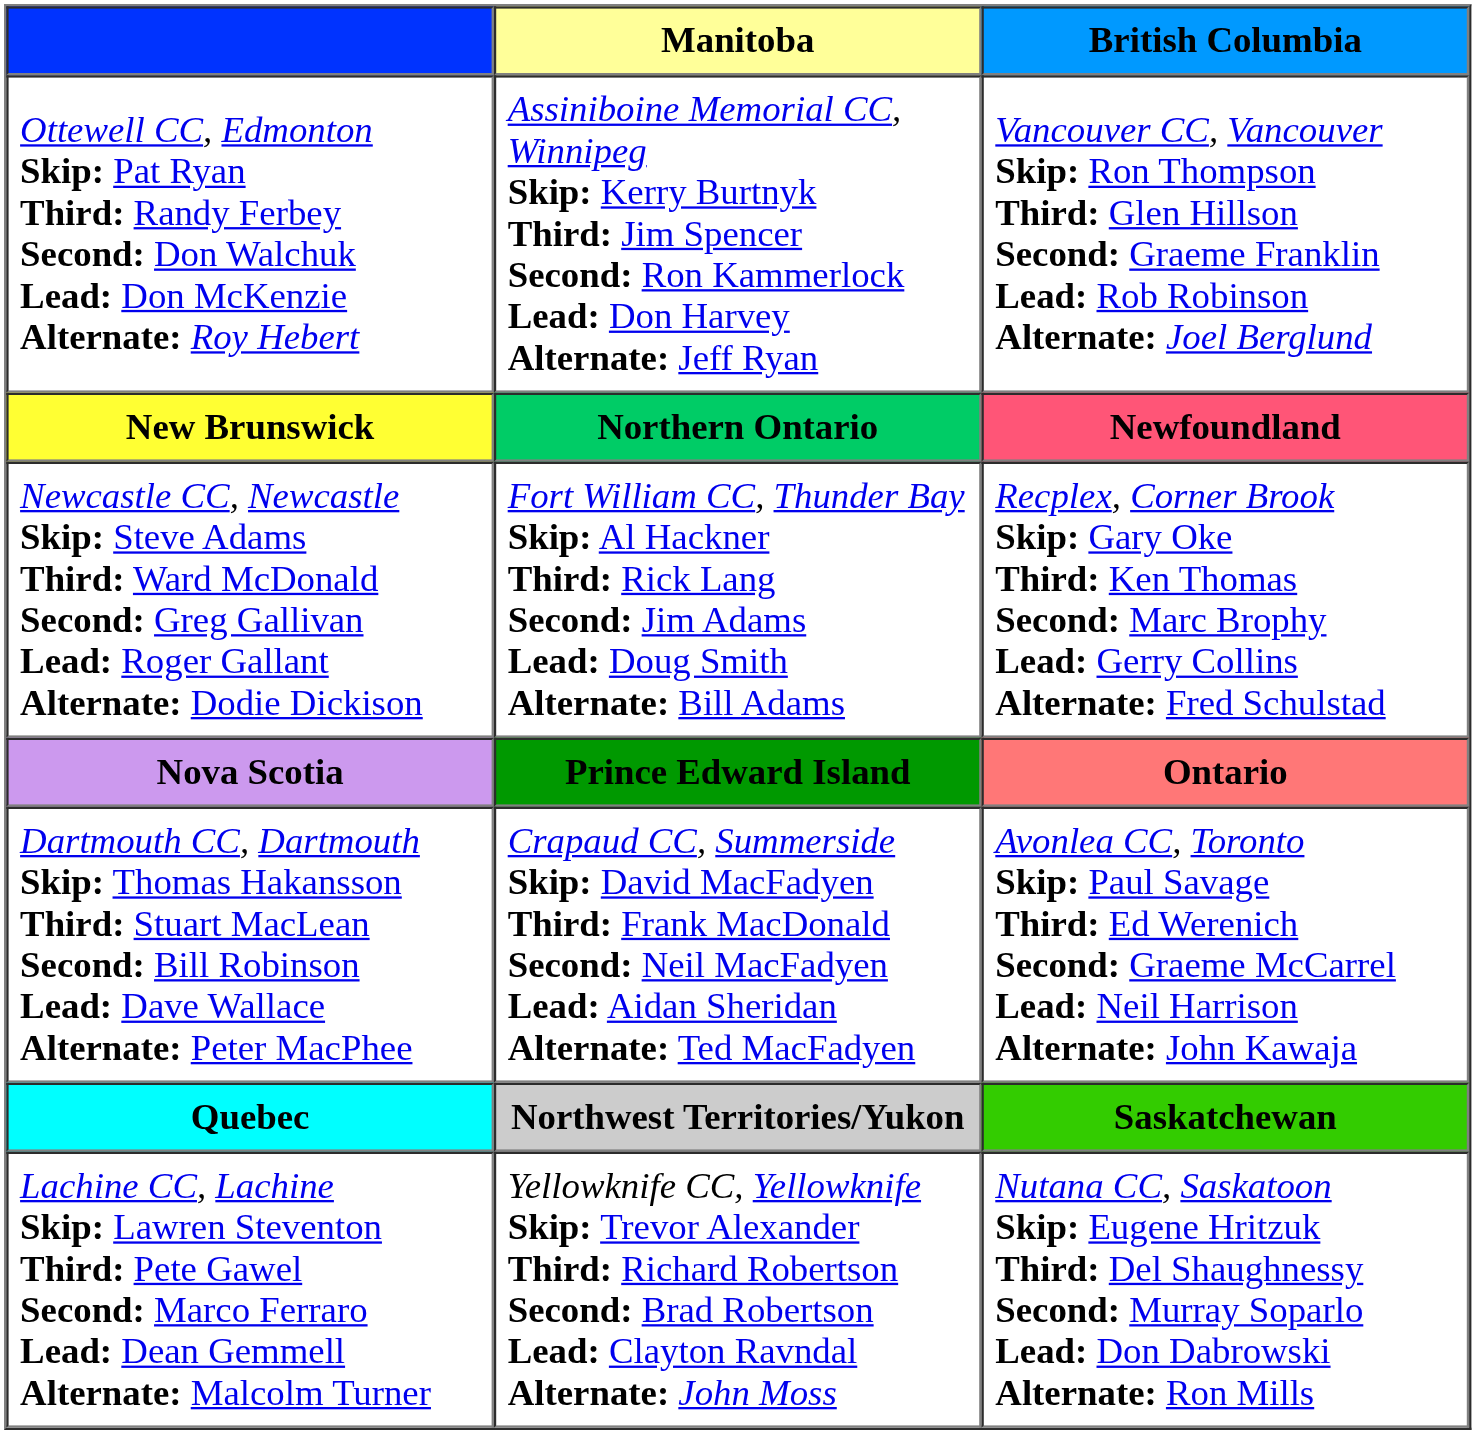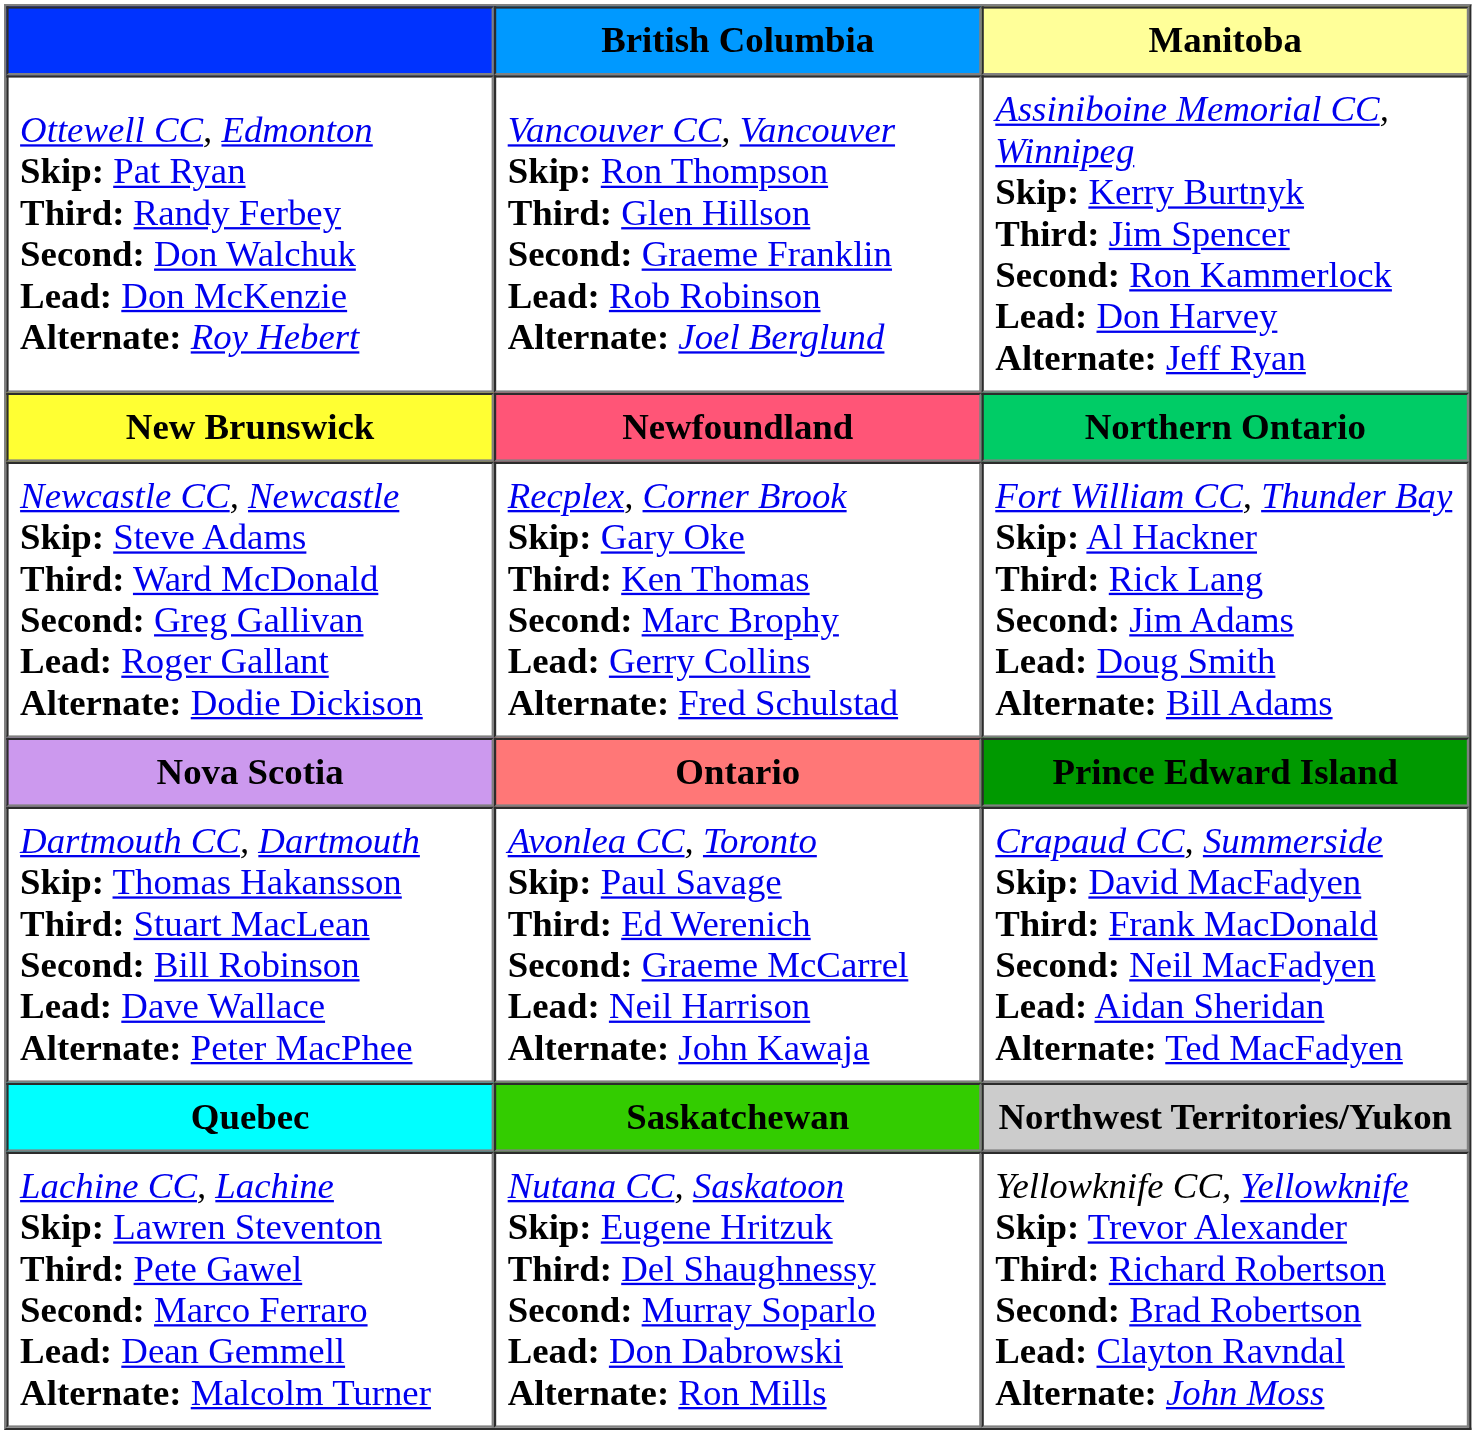 <table border=1 cellpadding=5 cellspacing=0>
 <tr>
 <th style="background:#03f; width:200px;"></th>
+<th style="background:#09f; width:200px;">British Columbia</th>
 <th style="background:#ff9; width:200px;">Manitoba</th>
-<th style="background:#09f; width:200px;">British Columbia</th>
 </tr>
 <tr>
 <td><em><a href='#'>Ottewell CC</a>, <a href='#'>Edmonton</a></em><br><strong>Skip:</strong> <a href='#'>Pat Ryan</a><br> <strong>Third:</strong> <a href='#'>Randy Ferbey</a><br> <strong>Second:</strong> <a href='#'>Don Walchuk</a><br> <strong>Lead:</strong> <a href='#'>Don McKenzie</a><br> <strong>Alternate:</strong> <em><a href='#'>Roy Hebert</a></em></td>
+<td><em><a href='#'>Vancouver CC</a>, <a href='#'>Vancouver</a></em><br><strong>Skip:</strong> <a href='#'>Ron Thompson</a><br> <strong>Third:</strong> <a href='#'>Glen Hillson</a><br> <strong>Second:</strong> <a href='#'>Graeme Franklin</a><br> <strong>Lead:</strong> <a href='#'>Rob Robinson</a><br> <strong>Alternate:</strong> <em><a href='#'>Joel Berglund</a></em></td>
 <td><em><a href='#'>Assiniboine Memorial CC</a>, <a href='#'>Winnipeg</a></em><br><strong>Skip:</strong> <a href='#'>Kerry Burtnyk</a><br> <strong>Third:</strong> <a href='#'>Jim Spencer</a><br> <strong>Second:</strong> <a href='#'>Ron Kammerlock</a><br> <strong>Lead:</strong> <a href='#'>Don Harvey</a><br> <strong>Alternate:</strong> <a href='#'>Jeff Ryan</a></td>
-<td><em><a href='#'>Vancouver CC</a>, <a href='#'>Vancouver</a></em><br><strong>Skip:</strong> <a href='#'>Ron Thompson</a><br> <strong>Third:</strong> <a href='#'>Glen Hillson</a><br> <strong>Second:</strong> <a href='#'>Graeme Franklin</a><br> <strong>Lead:</strong> <a href='#'>Rob Robinson</a><br> <strong>Alternate:</strong> <em><a href='#'>Joel Berglund</a></em></td>
 </tr>
 <tr>
 <th style="background:#ff3; width:200px;">New Brunswick</th>
+<th style="background:#f57; width:200px;">Newfoundland</th>
 <th style="background:#0c6; width:200px;">Northern Ontario</th>
-<th style="background:#f57; width:200px;">Newfoundland</th>
 </tr>
 <tr>
 <td><em><a href='#'>Newcastle CC</a>, <a href='#'>Newcastle</a></em><br><strong>Skip:</strong> <a href='#'>Steve Adams</a><br> <strong>Third:</strong> <a href='#'>Ward McDonald</a><br> <strong>Second:</strong> <a href='#'>Greg Gallivan</a><br> <strong>Lead:</strong> <a href='#'>Roger Gallant</a><br> <strong>Alternate:</strong> <a href='#'>Dodie Dickison</a></td>
+<td><em><a href='#'>Recplex</a>, <a href='#'>Corner Brook</a></em><br><strong>Skip:</strong> <a href='#'>Gary Oke</a><br> <strong>Third:</strong> <a href='#'>Ken Thomas</a><br> <strong>Second:</strong> <a href='#'>Marc Brophy</a><br> <strong>Lead:</strong> <a href='#'>Gerry Collins</a><br> <strong>Alternate:</strong> <a href='#'>Fred Schulstad</a></td>
 <td><em><a href='#'>Fort William CC</a>, <a href='#'>Thunder Bay</a></em><br><strong>Skip:</strong> <a href='#'>Al Hackner</a><br> <strong>Third:</strong> <a href='#'>Rick Lang</a><br> <strong>Second:</strong> <a href='#'>Jim Adams</a><br> <strong>Lead:</strong> <a href='#'>Doug Smith</a><br> <strong>Alternate:</strong> <a href='#'>Bill Adams</a></td>
-<td><em><a href='#'>Recplex</a>, <a href='#'>Corner Brook</a></em><br><strong>Skip:</strong> <a href='#'>Gary Oke</a><br> <strong>Third:</strong> <a href='#'>Ken Thomas</a><br> <strong>Second:</strong> <a href='#'>Marc Brophy</a><br> <strong>Lead:</strong> <a href='#'>Gerry Collins</a><br> <strong>Alternate:</strong> <a href='#'>Fred Schulstad</a></td>
 </tr>
 <tr>
 <th style="background:#c9e; width:200px;">Nova Scotia</th>
+<th style="background:#f77; width:200px;">Ontario</th>
 <th style="background:#090; width:200px;">Prince Edward Island</th>
-<th style="background:#f77; width:200px;">Ontario</th>
 </tr>
 <tr>
 <td><em><a href='#'>Dartmouth CC</a>, <a href='#'>Dartmouth</a></em><br><strong>Skip:</strong> <a href='#'>Thomas Hakansson</a><br> <strong>Third:</strong> <a href='#'>Stuart MacLean</a><br> <strong>Second:</strong> <a href='#'>Bill Robinson</a><br> <strong>Lead:</strong> <a href='#'>Dave Wallace</a><br> <strong>Alternate:</strong> <a href='#'>Peter MacPhee</a></td>
+<td><em><a href='#'>Avonlea CC</a>, <a href='#'>Toronto</a></em><br><strong>Skip:</strong> <a href='#'>Paul Savage</a><br> <strong>Third:</strong> <a href='#'>Ed Werenich</a><br> <strong>Second:</strong> <a href='#'>Graeme McCarrel</a><br> <strong>Lead:</strong> <a href='#'>Neil Harrison</a><br> <strong>Alternate:</strong> <a href='#'>John Kawaja</a></td>
 <td><em><a href='#'>Crapaud CC</a>, <a href='#'>Summerside</a></em><br><strong>Skip:</strong> <a href='#'>David MacFadyen</a><br> <strong>Third:</strong> <a href='#'>Frank MacDonald</a><br> <strong>Second:</strong> <a href='#'>Neil MacFadyen</a><br> <strong>Lead:</strong> <a href='#'>Aidan Sheridan</a><br> <strong>Alternate:</strong> <a href='#'>Ted MacFadyen</a></td>
-<td><em><a href='#'>Avonlea CC</a>, <a href='#'>Toronto</a></em><br><strong>Skip:</strong> <a href='#'>Paul Savage</a><br> <strong>Third:</strong> <a href='#'>Ed Werenich</a><br> <strong>Second:</strong> <a href='#'>Graeme McCarrel</a><br> <strong>Lead:</strong> <a href='#'>Neil Harrison</a><br> <strong>Alternate:</strong> <a href='#'>John Kawaja</a></td>
 </tr>
 <tr>
 <th style="background:#0ff; width:200px;">Quebec</th>
+<th style="background:#3c0; width:200px;">Saskatchewan</th>
 <th style="background:#ccc; width:200px;">Northwest Territories/Yukon</th>
-<th style="background:#3c0; width:200px;">Saskatchewan</th>
 </tr>
 <tr>
 <td><em><a href='#'>Lachine CC</a>, <a href='#'>Lachine</a></em><br><strong>Skip:</strong> <a href='#'>Lawren Steventon</a><br> <strong>Third:</strong> <a href='#'>Pete Gawel</a><br> <strong>Second:</strong> <a href='#'>Marco Ferraro</a><br> <strong>Lead:</strong> <a href='#'>Dean Gemmell</a><br> <strong>Alternate:</strong> <a href='#'>Malcolm Turner</a></td>
+<td><em><a href='#'>Nutana CC</a>, <a href='#'>Saskatoon</a></em><br><strong>Skip:</strong> <a href='#'>Eugene Hritzuk</a><br> <strong>Third:</strong> <a href='#'>Del Shaughnessy</a><br> <strong>Second:</strong> <a href='#'>Murray Soparlo</a><br> <strong>Lead:</strong> <a href='#'>Don Dabrowski</a><br> <strong>Alternate:</strong> <a href='#'>Ron Mills</a></td>
 <td><em>Yellowknife CC, <a href='#'>Yellowknife</a></em><br><strong>Skip:</strong> <a href='#'>Trevor Alexander</a><br> <strong>Third:</strong> <a href='#'>Richard Robertson</a><br> <strong>Second:</strong> <a href='#'>Brad Robertson</a><br> <strong>Lead:</strong> <a href='#'>Clayton Ravndal</a><br> <strong>Alternate:</strong> <em><a href='#'>John Moss</a></em></td>
-<td><em><a href='#'>Nutana CC</a>, <a href='#'>Saskatoon</a></em><br><strong>Skip:</strong> <a href='#'>Eugene Hritzuk</a><br> <strong>Third:</strong> <a href='#'>Del Shaughnessy</a><br> <strong>Second:</strong> <a href='#'>Murray Soparlo</a><br> <strong>Lead:</strong> <a href='#'>Don Dabrowski</a><br> <strong>Alternate:</strong> <a href='#'>Ron Mills</a></td>
 </tr>
 </table>
